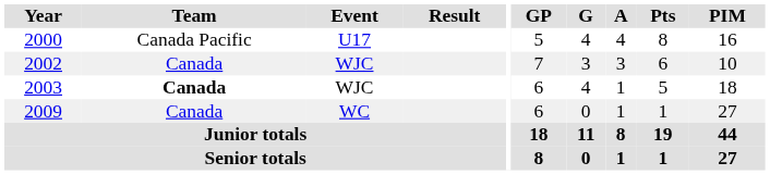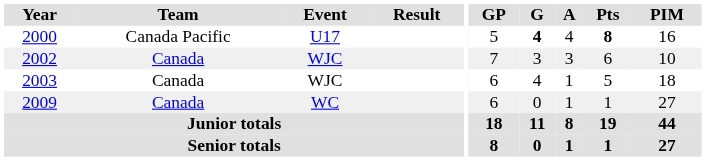 <table border="0" cellpadding="1" cellspacing="0" ID="Table3" style="text-align:center; width:40em;">
 <tr bgcolor="#e0e0e0">
 <th>Year</th>
 <th>Team</th>
 <th>Event</th>
 <th>Result</th>
 <th rowspan="99" bgcolor="#ffffff"></th>
 <th>GP</th>
 <th>G</th>
 <th>A</th>
 <th>Pts</th>
 <th>PIM</th>
 </tr>
 <tr>
 <td><a href='#'>2000</a></td>
 <td>Canada Pacific</td>
 <td><a href='#'>U17</a></td>
 <td></td>
 <td>5</td>
+<td><strong>4</strong></td>
 <td>4</td>
-<td>4</td>
-<td>8</td>
+<td><strong>8</strong></td>
 <td>16</td>
 </tr>
 <tr bgcolor="#f0f0f0">
 <td><a href='#'>2002</a></td>
 <td><a href='#'>Canada</a></td>
 <td><a href='#'>WJC</a></td>
 <td></td>
 <td>7</td>
 <td>3</td>
 <td>3</td>
 <td>6</td>
 <td>10</td>
 </tr>
 <tr>
 <td><a href='#'>2003</a></td>
-<td><strong>Canada</strong></td>
+<td>Canada</td>
 <td>WJC</td>
 <td></td>
 <td>6</td>
 <td>4</td>
 <td>1</td>
 <td>5</td>
 <td>18</td>
 </tr>
 <tr bgcolor="#f0f0f0">
 <td><a href='#'>2009</a></td>
 <td><a href='#'>Canada</a></td>
 <td><a href='#'>WC</a></td>
 <td></td>
 <td>6</td>
 <td>0</td>
 <td>1</td>
 <td>1</td>
 <td>27</td>
 </tr>
 <tr bgcolor="#e0e0e0">
 <th colspan=4>Junior totals</th>
 <th>18</th>
 <th>11</th>
 <th>8</th>
 <th>19</th>
 <th>44</th>
 </tr>
 <tr bgcolor="#e0e0e0">
 <th colspan=4>Senior totals</th>
 <th>8</th>
 <th>0</th>
 <th>1</th>
 <th>1</th>
 <th>27</th>
 </tr>
 </table>
